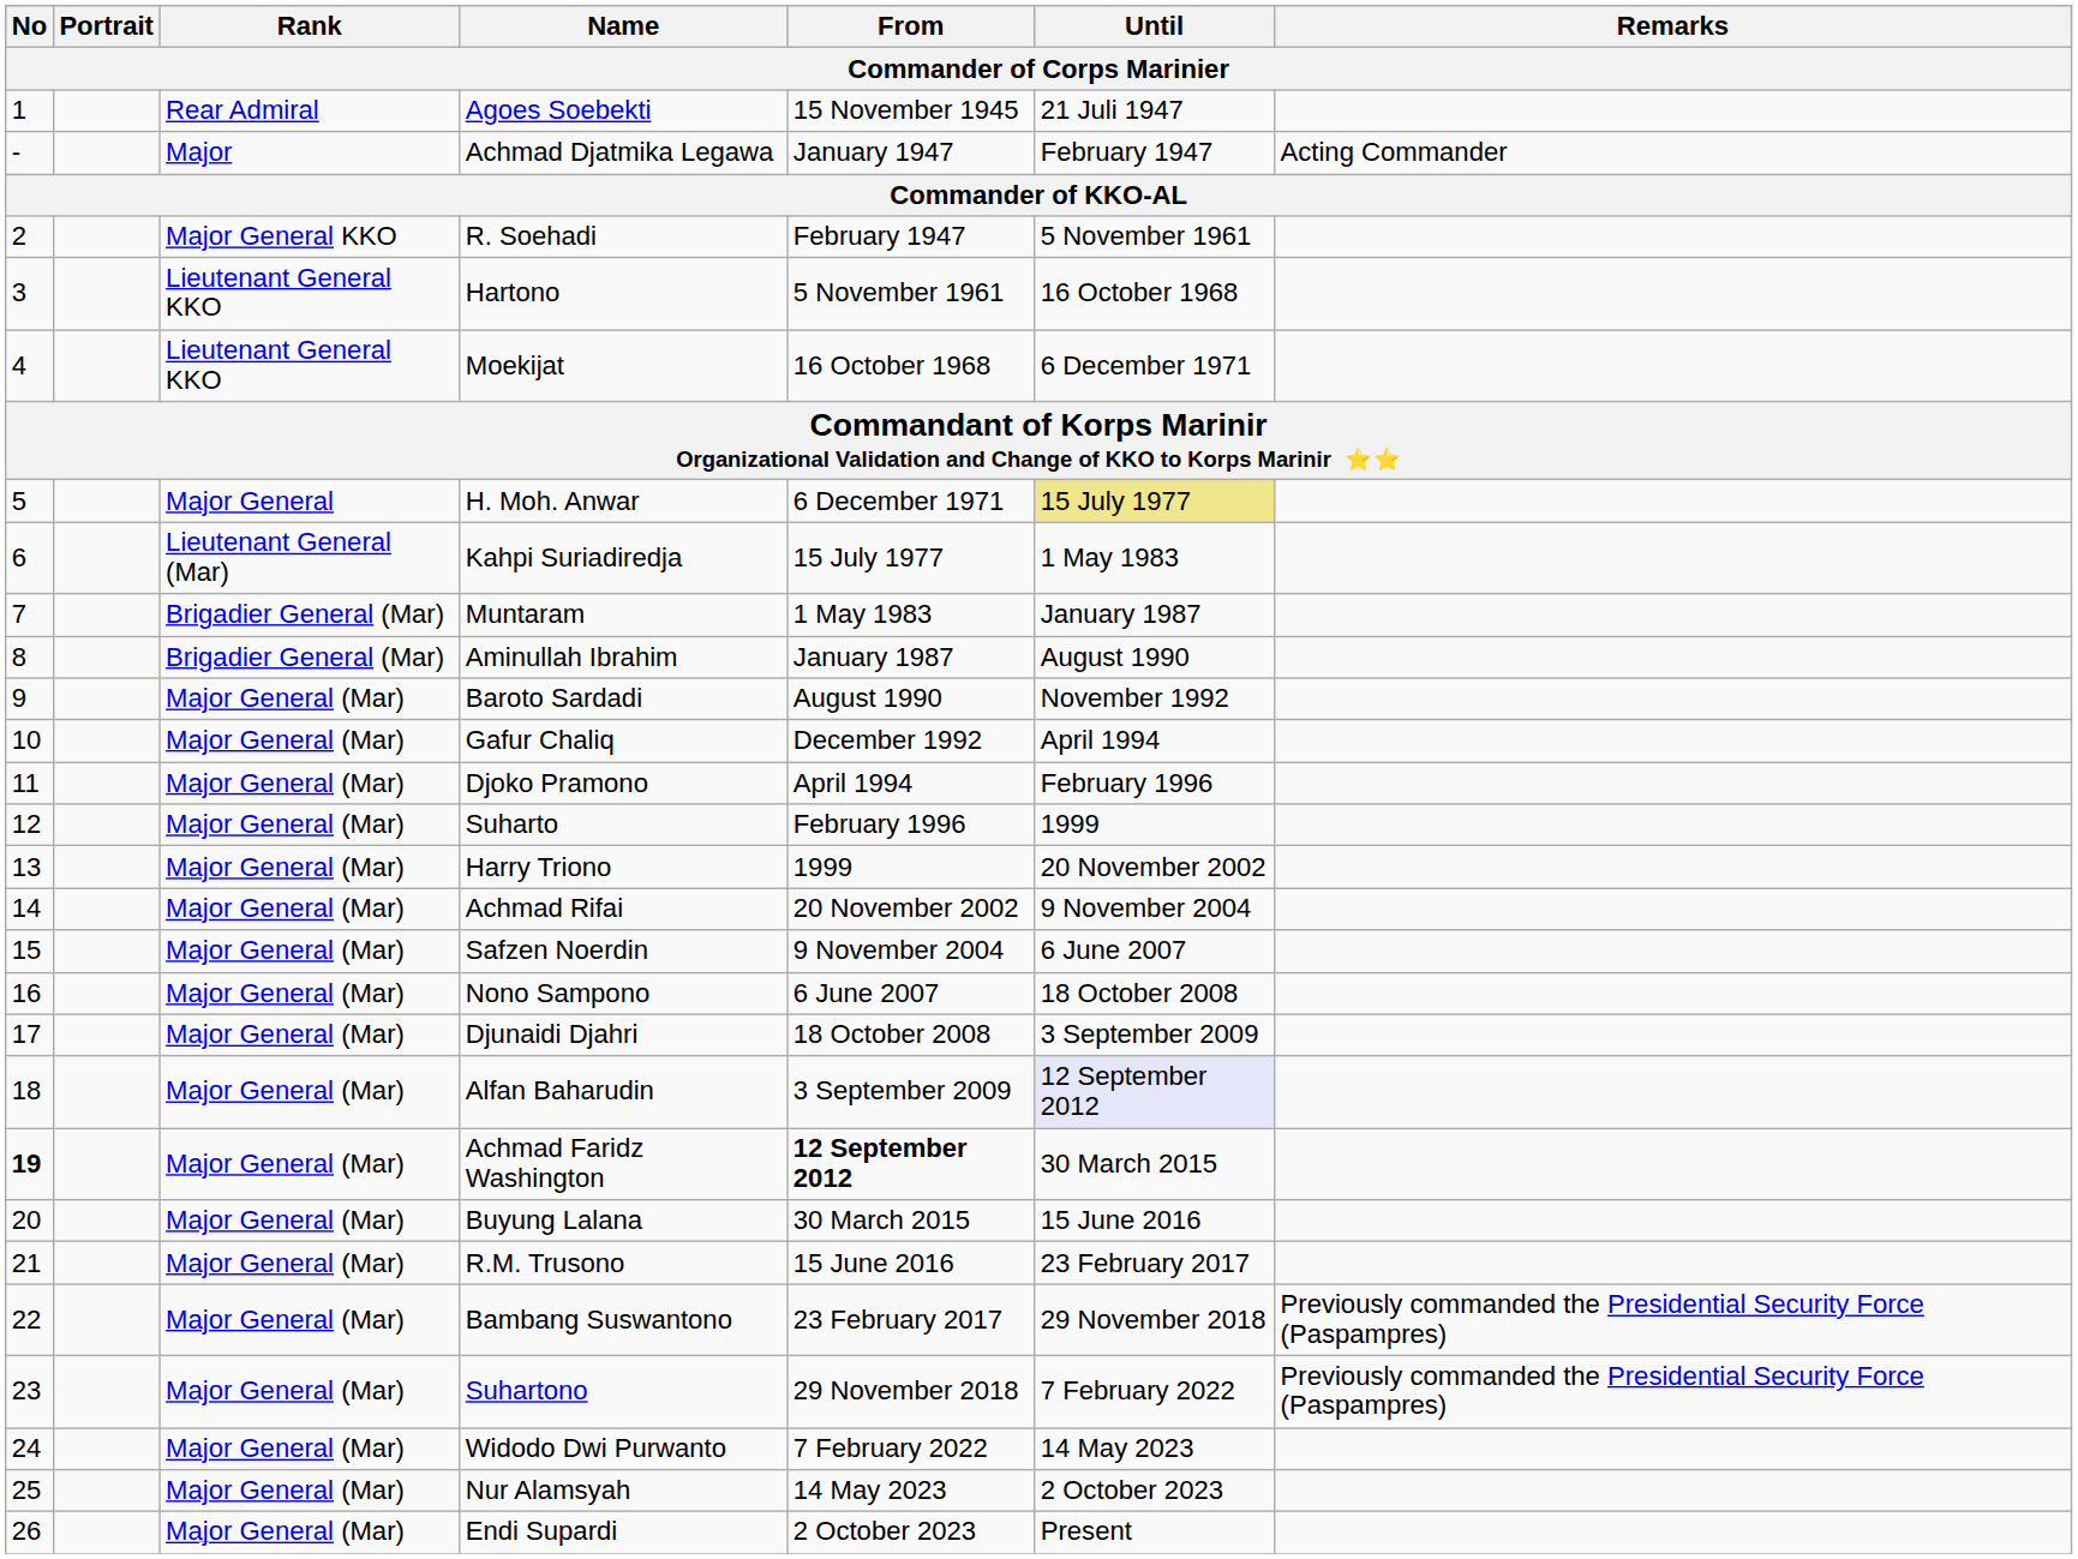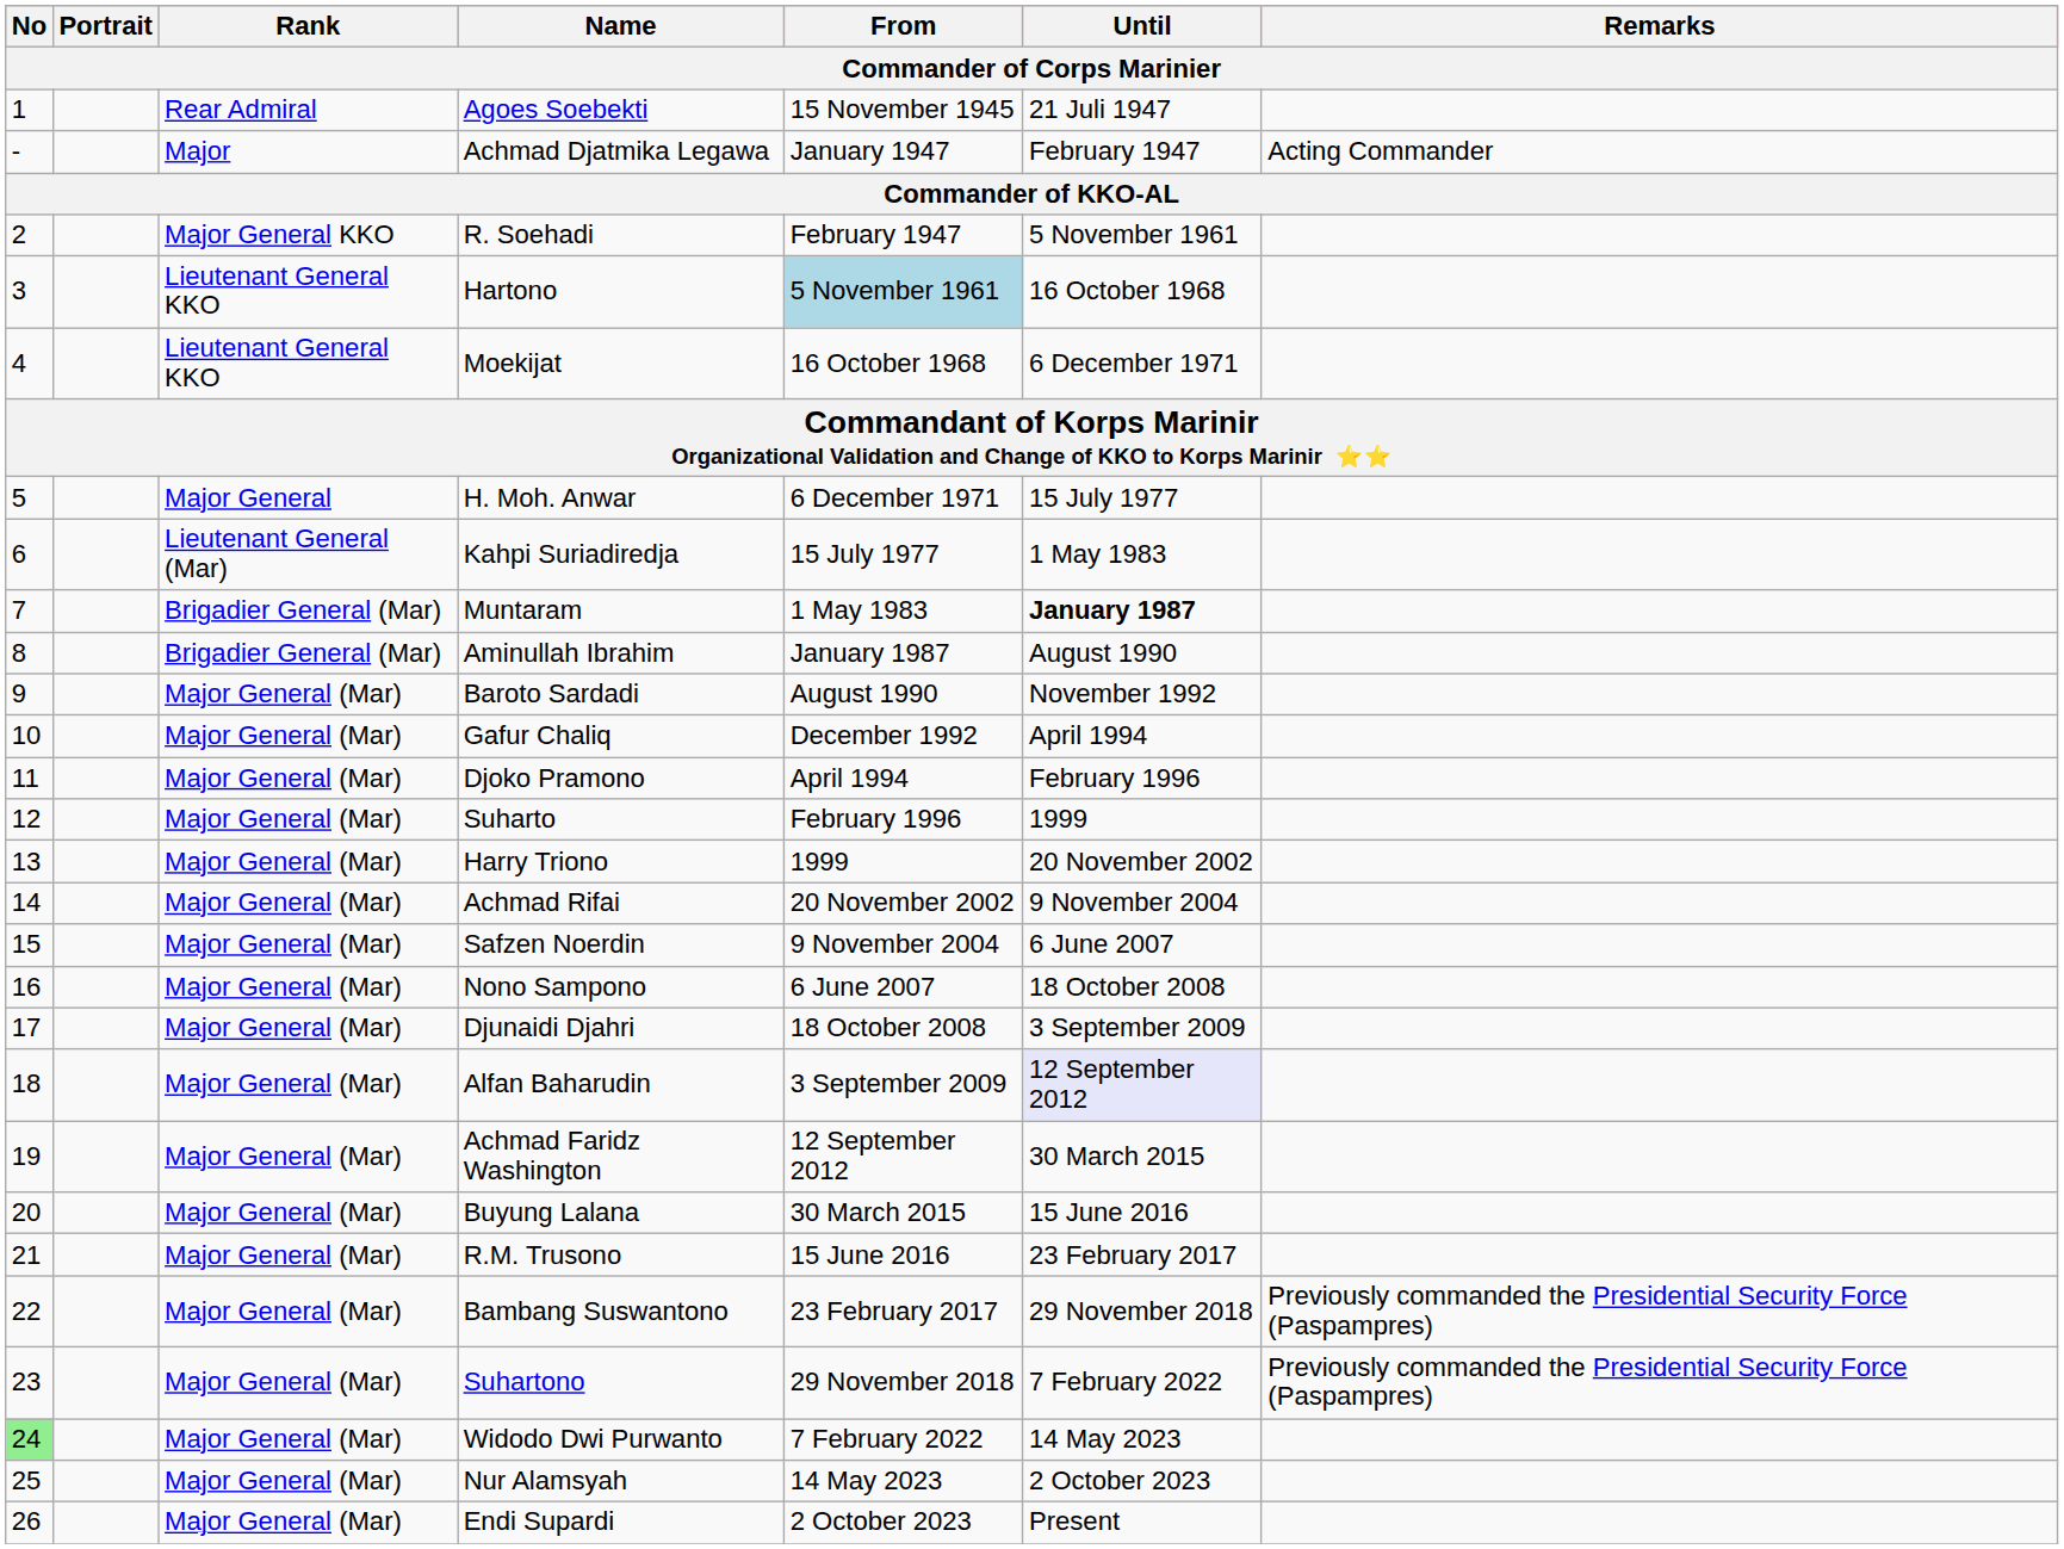 <table class="wikitable">
 <tr style="background:#f99; color:black;">
 <th>No</th>
 <th>Portrait</th>
 <th>Rank</th>
 <th>Name</th>
 <th>From</th>
 <th>Until</th>
 <th>Remarks</th>
 </tr>
 <tr>
 <th colspan="7">Commander of Corps Marinier</th>
 </tr>
 <tr>
 <td>1</td>
 <td></td>
 <td><a href='#'>Rear Admiral</a></td>
 <td><a href='#'>Agoes Soebekti</a></td>
 <td>15 November 1945</td>
 <td>21 Juli 1947</td>
 <td></td>
 </tr>
 <tr>
 <td>-</td>
 <td></td>
 <td><a href='#'>Major</a></td>
 <td>Achmad Djatmika Legawa</td>
 <td>January 1947</td>
 <td>February 1947</td>
 <td>Acting Commander</td>
 </tr>
 <tr>
 <th colspan="7">Commander of KKO-AL</th>
 </tr>
 <tr>
 <td>2</td>
 <td></td>
 <td><a href='#'>Major General</a> KKO</td>
 <td>R. Soehadi</td>
 <td>February 1947</td>
 <td>5 November 1961</td>
 <td></td>
 </tr>
 <tr>
 <td>3</td>
 <td></td>
 <td><a href='#'>Lieutenant General</a> KKO</td>
 <td>Hartono</td>
-<td>5 November 1961</td>
+<td style="background: lightblue;">5 November 1961</td>
 <td>16 October 1968</td>
 <td></td>
 </tr>
 <tr>
 <td>4</td>
 <td></td>
 <td><a href='#'>Lieutenant General</a> KKO</td>
 <td>Moekijat</td>
 <td>16 October 1968</td>
 <td>6 December 1971</td>
 <td></td>
 </tr>
 <tr>
 <th colspan="7"><big>Commandant of Korps Marinir</big><small><br>Organizational Validation and Change of KKO to Korps Marinir</small> <small> <strong>⭐⭐</strong></small></th>
 </tr>
 <tr>
 <td>5</td>
 <td></td>
 <td><a href='#'>Major General</a></td>
 <td>H. Moh. Anwar</td>
 <td>6 December 1971</td>
-<td style="background: khaki;">15 July 1977</td>
+<td>15 July 1977</td>
 <td></td>
 </tr>
 <tr>
 <td>6</td>
 <td></td>
 <td><a href='#'>Lieutenant General</a> (Mar)</td>
 <td>Kahpi Suriadiredja</td>
 <td>15 July 1977</td>
 <td>1 May 1983</td>
 <td></td>
 </tr>
 <tr>
 <td>7</td>
 <td></td>
 <td><a href='#'>Brigadier General</a> (Mar)</td>
 <td>Muntaram</td>
 <td>1 May 1983</td>
-<td>January 1987</td>
+<td><strong>January 1987</strong></td>
 <td></td>
 </tr>
 <tr>
 <td>8</td>
 <td></td>
 <td><a href='#'>Brigadier General</a> (Mar)</td>
 <td>Aminullah Ibrahim</td>
 <td>January 1987</td>
 <td>August 1990</td>
 <td></td>
 </tr>
 <tr>
 <td>9</td>
 <td></td>
 <td><a href='#'>Major General</a> (Mar)</td>
 <td>Baroto Sardadi</td>
 <td>August 1990</td>
 <td>November 1992</td>
 <td></td>
 </tr>
 <tr>
 <td>10</td>
 <td></td>
 <td><a href='#'>Major General</a> (Mar)</td>
 <td>Gafur Chaliq</td>
 <td>December 1992</td>
 <td>April 1994</td>
 <td></td>
 </tr>
 <tr>
 <td>11</td>
 <td></td>
 <td><a href='#'>Major General</a> (Mar)</td>
 <td>Djoko Pramono</td>
 <td>April 1994</td>
 <td>February 1996</td>
 <td></td>
 </tr>
 <tr>
 <td>12</td>
 <td></td>
 <td><a href='#'>Major General</a> (Mar)</td>
 <td>Suharto</td>
 <td>February 1996</td>
 <td>1999</td>
 <td></td>
 </tr>
 <tr>
 <td>13</td>
 <td></td>
 <td><a href='#'>Major General</a> (Mar)</td>
 <td>Harry Triono</td>
 <td>1999</td>
 <td>20 November 2002</td>
 <td></td>
 </tr>
 <tr>
 <td>14</td>
 <td></td>
 <td><a href='#'>Major General</a> (Mar)</td>
 <td>Achmad Rifai</td>
 <td>20 November 2002</td>
 <td>9 November 2004</td>
 <td></td>
 </tr>
 <tr>
 <td>15</td>
 <td></td>
 <td><a href='#'>Major General</a> (Mar)</td>
 <td>Safzen Noerdin</td>
 <td>9 November 2004</td>
 <td>6 June 2007</td>
 <td></td>
 </tr>
 <tr>
 <td>16</td>
 <td></td>
 <td><a href='#'>Major General</a> (Mar)</td>
 <td>Nono Sampono</td>
 <td>6 June 2007</td>
 <td>18 October 2008</td>
 <td></td>
 </tr>
 <tr>
 <td>17</td>
 <td></td>
 <td><a href='#'>Major General</a> (Mar)</td>
 <td>Djunaidi Djahri</td>
 <td>18 October 2008</td>
 <td>3 September 2009</td>
 <td></td>
 </tr>
 <tr>
 <td>18</td>
 <td></td>
 <td><a href='#'>Major General</a> (Mar)</td>
 <td>Alfan Baharudin</td>
 <td>3 September 2009</td>
 <td style="background: lavender;">12 September 2012</td>
 <td></td>
 </tr>
 <tr>
-<td><strong>19</strong></td>
+<td>19</td>
 <td></td>
 <td><a href='#'>Major General</a> (Mar)</td>
 <td>Achmad Faridz Washington</td>
-<td><strong>12 September 2012</strong></td>
+<td>12 September 2012</td>
 <td>30 March 2015</td>
 <td></td>
 </tr>
 <tr>
 <td>20</td>
 <td></td>
 <td><a href='#'>Major General</a> (Mar)</td>
 <td>Buyung Lalana</td>
 <td>30 March 2015</td>
 <td>15 June 2016</td>
 <td></td>
 </tr>
 <tr>
 <td>21</td>
 <td></td>
 <td><a href='#'>Major General</a> (Mar)</td>
 <td>R.M. Trusono</td>
 <td>15 June 2016</td>
 <td>23 February 2017</td>
 <td></td>
 </tr>
 <tr>
 <td>22</td>
 <td></td>
 <td><a href='#'>Major General</a> (Mar)</td>
 <td>Bambang Suswantono</td>
 <td>23 February 2017</td>
 <td>29 November 2018</td>
 <td>Previously commanded the <a href='#'>Presidential Security Force</a> (Paspampres)</td>
 </tr>
 <tr>
 <td>23</td>
 <td></td>
 <td><a href='#'>Major General</a> (Mar)</td>
 <td><a href='#'>Suhartono</a></td>
 <td>29 November 2018</td>
 <td>7 February 2022</td>
 <td>Previously commanded the <a href='#'>Presidential Security Force</a> (Paspampres)</td>
 </tr>
 <tr>
-<td>24</td>
+<td style="background: lightgreen;">24</td>
 <td></td>
 <td><a href='#'>Major General</a> (Mar)</td>
 <td>Widodo Dwi Purwanto</td>
 <td>7 February 2022</td>
 <td>14 May 2023</td>
 <td></td>
 </tr>
 <tr>
 <td>25</td>
 <td></td>
 <td><a href='#'>Major General</a> (Mar)</td>
 <td>Nur Alamsyah</td>
 <td>14 May 2023</td>
 <td>2 October 2023</td>
 <td></td>
 </tr>
 <tr>
 <td>26</td>
 <td></td>
 <td><a href='#'>Major General</a> (Mar)</td>
 <td>Endi Supardi</td>
 <td>2 October 2023</td>
 <td>Present</td>
 <td></td>
 </tr>
 </table>
